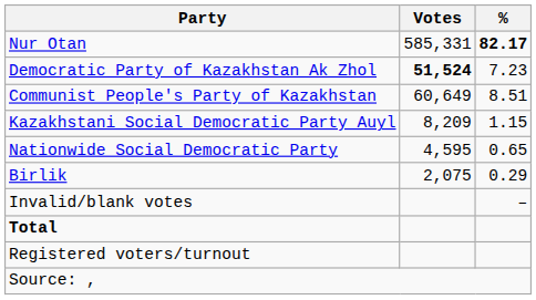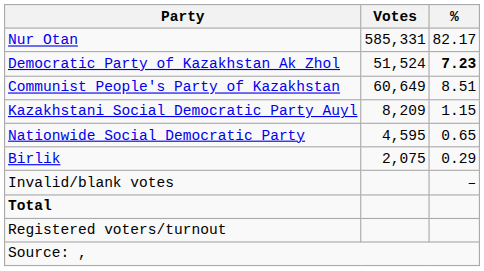 <table class=wikitable style=text-align:right>
 <tr>
 <th>Party</th>
 <th>Votes</th>
 <th>%</th>
 </tr>
 <tr>
 <td align=left><a href='#'>Nur Otan</a></td>
 <td>585,331</td>
-<td><strong>82.17</strong></td>
+<td>82.17</td>
 </tr>
 <tr>
 <td align=left><a href='#'>Democratic Party of Kazakhstan Ak Zhol</a></td>
-<td><strong>51,524</strong></td>
-<td>7.23</td>
+<td>51,524</td>
+<td><strong>7.23</strong></td>
 </tr>
 <tr>
 <td align=left><a href='#'>Communist People's Party of Kazakhstan</a></td>
 <td>60,649</td>
 <td>8.51</td>
 </tr>
 <tr>
 <td align=left><a href='#'>Kazakhstani Social Democratic Party Auyl</a></td>
 <td>8,209</td>
 <td>1.15</td>
 </tr>
 <tr>
 <td align=left><a href='#'>Nationwide Social Democratic Party</a></td>
 <td>4,595</td>
 <td>0.65</td>
 </tr>
 <tr>
 <td align=left><a href='#'>Birlik</a></td>
 <td>2,075</td>
 <td>0.29</td>
 </tr>
 <tr>
 <td align=left>Invalid/blank votes</td>
 <td></td>
 <td>–</td>
 </tr>
 <tr>
 <td align=left><strong>Total</strong></td>
 <td></td>
 <td></td>
 </tr>
 <tr>
 <td align=left>Registered voters/turnout</td>
 <td></td>
 <td></td>
 </tr>
 <tr>
 <td style="text-align:left;" colspan="5">Source: , </td>
 </tr>
 </table>
